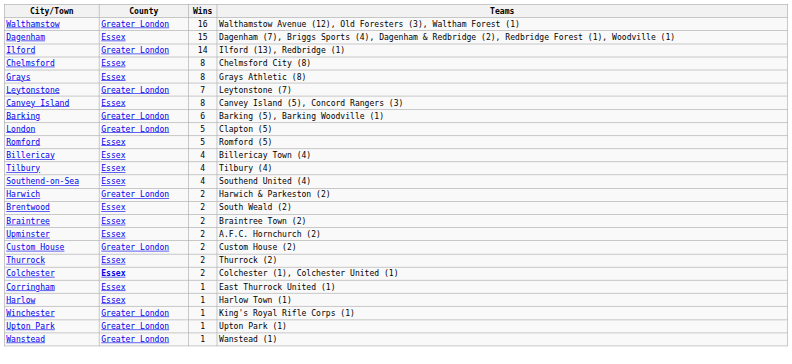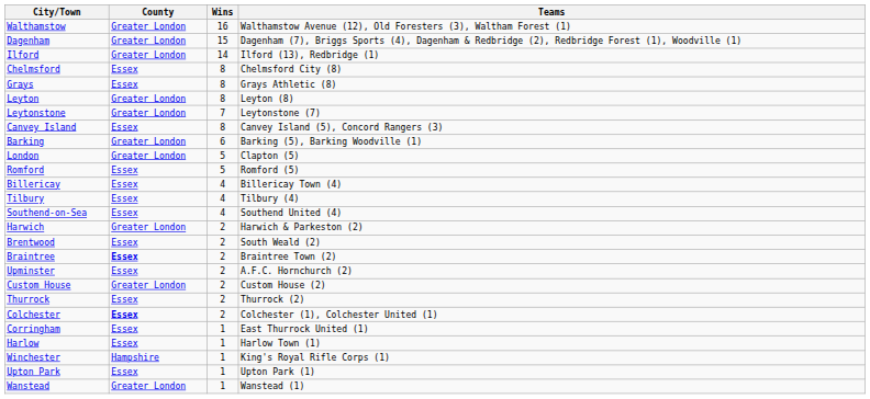 <table class="wikitable sortable" style="text-align: center; width: 100%">
 <tr>
 <th>City/Town</th>
 <th>County</th>
 <th>Wins</th>
 <th>Teams</th>
 </tr>
 <tr>
 <td style="text-align: left"><a href='#'>Walthamstow</a></td>
 <td style="text-align: left"> <a href='#'>Greater London</a></td>
 <td>16</td>
 <td style="text-align: left">Walthamstow Avenue (12), Old Foresters (3), Waltham Forest (1)</td>
 </tr>
 <tr>
 <td style="text-align: left"><a href='#'>Dagenham</a></td>
-<td style="text-align: left"> <a href='#'>Essex</a></td>
+<td style="text-align: left"> <a href='#'>Greater London</a></td>
 <td>15</td>
 <td style="text-align: left">Dagenham (7), Briggs Sports (4), Dagenham & Redbridge (2), Redbridge Forest (1), Woodville (1)</td>
 </tr>
 <tr>
 <td style="text-align: left"><a href='#'>Ilford</a></td>
 <td style="text-align: left"> <a href='#'>Greater London</a></td>
 <td>14</td>
 <td style="text-align: left">Ilford (13), Redbridge (1)</td>
 </tr>
 <tr>
 <td style="text-align: left"><a href='#'>Chelmsford</a></td>
 <td style="text-align: left"> <a href='#'>Essex</a></td>
 <td>8</td>
 <td style="text-align: left">Chelmsford City (8)</td>
 </tr>
 <tr>
 <td style="text-align: left"><a href='#'>Grays</a></td>
 <td style="text-align: left"> <a href='#'>Essex</a></td>
 <td>8</td>
 <td style="text-align: left">Grays Athletic (8)</td>
+</tr>
+<tr>
+<td style="text-align: left"><a href='#'>Leyton</a></td>
+<td style="text-align: left"> <a href='#'>Greater London</a></td>
+<td>8</td>
+<td style="text-align: left">Leyton (8)</td>
 </tr>
 <tr>
 <td style="text-align: left"><a href='#'>Leytonstone</a></td>
 <td style="text-align: left"> <a href='#'>Greater London</a></td>
 <td>7</td>
 <td style="text-align: left">Leytonstone (7)</td>
 </tr>
 <tr>
 <td style="text-align: left"><a href='#'>Canvey Island</a></td>
 <td style="text-align: left"> <a href='#'>Essex</a></td>
 <td>8</td>
 <td style="text-align: left">Canvey Island (5), Concord Rangers (3)</td>
 </tr>
 <tr>
 <td style="text-align: left"><a href='#'>Barking</a></td>
 <td style="text-align: left"> <a href='#'>Greater London</a></td>
 <td>6</td>
 <td style="text-align: left">Barking (5), Barking Woodville (1)</td>
 </tr>
 <tr>
 <td style="text-align: left"><a href='#'>London</a></td>
 <td style="text-align: left"> <a href='#'>Greater London</a></td>
 <td>5</td>
 <td style="text-align: left">Clapton (5)</td>
 </tr>
 <tr>
 <td style="text-align: left"><a href='#'>Romford</a></td>
 <td style="text-align: left"> <a href='#'>Essex</a></td>
 <td>5</td>
 <td style="text-align: left">Romford (5)</td>
 </tr>
 <tr>
 <td style="text-align: left"><a href='#'>Billericay</a></td>
 <td style="text-align: left"> <a href='#'>Essex</a></td>
 <td>4</td>
 <td style="text-align: left">Billericay Town (4)</td>
 </tr>
 <tr>
 <td style="text-align: left"><a href='#'>Tilbury</a></td>
 <td style="text-align: left"> <a href='#'>Essex</a></td>
 <td>4</td>
 <td style="text-align: left">Tilbury (4)</td>
 </tr>
 <tr>
 <td style="text-align: left"><a href='#'>Southend-on-Sea</a></td>
 <td style="text-align: left"> <a href='#'>Essex</a></td>
 <td>4</td>
 <td style="text-align: left">Southend United (4)</td>
 </tr>
 <tr>
 <td style="text-align: left"><a href='#'>Harwich</a></td>
 <td style="text-align: left"> <a href='#'>Greater London</a></td>
 <td>2</td>
 <td style="text-align: left">Harwich & Parkeston (2)</td>
 </tr>
 <tr>
 <td style="text-align: left"><a href='#'>Brentwood</a></td>
 <td style="text-align: left"> <a href='#'>Essex</a></td>
 <td>2</td>
 <td style="text-align: left">South Weald (2)</td>
 </tr>
 <tr>
 <td style="text-align: left"><a href='#'>Braintree</a></td>
-<td style="text-align: left"> <a href='#'>Essex</a></td>
+<td style="text-align: left"><strong> <a href='#'>Essex</a></strong></td>
 <td>2</td>
 <td style="text-align: left">Braintree Town (2)</td>
 </tr>
 <tr>
 <td style="text-align: left"><a href='#'>Upminster</a></td>
 <td style="text-align: left"> <a href='#'>Essex</a></td>
 <td>2</td>
 <td style="text-align: left">A.F.C. Hornchurch (2)</td>
 </tr>
 <tr>
 <td style="text-align: left"><a href='#'>Custom House</a></td>
 <td style="text-align: left"> <a href='#'>Greater London</a></td>
 <td>2</td>
 <td style="text-align: left">Custom House (2)</td>
 </tr>
 <tr>
 <td style="text-align: left"><a href='#'>Thurrock</a></td>
 <td style="text-align: left"> <a href='#'>Essex</a></td>
 <td>2</td>
 <td style="text-align: left">Thurrock (2)</td>
 </tr>
 <tr>
 <td style="text-align: left"><a href='#'>Colchester</a></td>
 <td style="text-align: left"><strong> <a href='#'>Essex</a></strong></td>
 <td>2</td>
 <td style="text-align: left">Colchester (1), Colchester United (1)</td>
 </tr>
 <tr>
 <td style="text-align: left"><a href='#'>Corringham</a></td>
 <td style="text-align: left"> <a href='#'>Essex</a></td>
 <td>1</td>
 <td style="text-align: left">East Thurrock United (1)</td>
 </tr>
 <tr>
 <td style="text-align: left"><a href='#'>Harlow</a></td>
 <td style="text-align: left"> <a href='#'>Essex</a></td>
 <td>1</td>
 <td style="text-align: left">Harlow Town (1)</td>
 </tr>
 <tr>
 <td style="text-align: left"><a href='#'>Winchester</a></td>
-<td style="text-align: left"> <a href='#'>Greater London</a></td>
+<td style="text-align: left"> <a href='#'>Hampshire</a></td>
 <td>1</td>
 <td style="text-align: left">King's Royal Rifle Corps (1)</td>
 </tr>
 <tr>
 <td style="text-align: left"><a href='#'>Upton Park</a></td>
-<td style="text-align: left"> <a href='#'>Greater London</a></td>
+<td style="text-align: left"> <a href='#'>Essex</a></td>
 <td>1</td>
 <td style="text-align: left">Upton Park (1)</td>
 </tr>
 <tr>
 <td style="text-align: left"><a href='#'>Wanstead</a></td>
 <td style="text-align: left"> <a href='#'>Greater London</a></td>
 <td>1</td>
 <td style="text-align: left">Wanstead (1)</td>
 </tr>
 </table>
